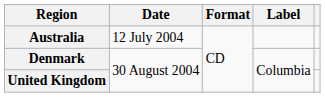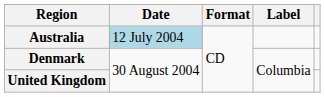 <table class="wikitable plainrowheaders">
 <tr>
 <th scope="col">Region</th>
 <th scope="col">Date</th>
 <th scope="col">Format</th>
 <th scope="col">Label</th>
 <th scope="col"></th>
 </tr>
 <tr>
 <th scope="row">Australia</th>
-<td>12 July 2004</td>
+<td style="background: lightblue;">12 July 2004</td>
 <td rowspan="3">CD</td>
 <td></td>
 <td></td>
 </tr>
 <tr>
 <th scope="row">Denmark</th>
 <td rowspan="2">30 August 2004</td>
 <td rowspan="2">Columbia</td>
 <td></td>
 </tr>
 <tr>
 <th scope="row">United Kingdom</th>
 <td></td>
 </tr>
 </table>
